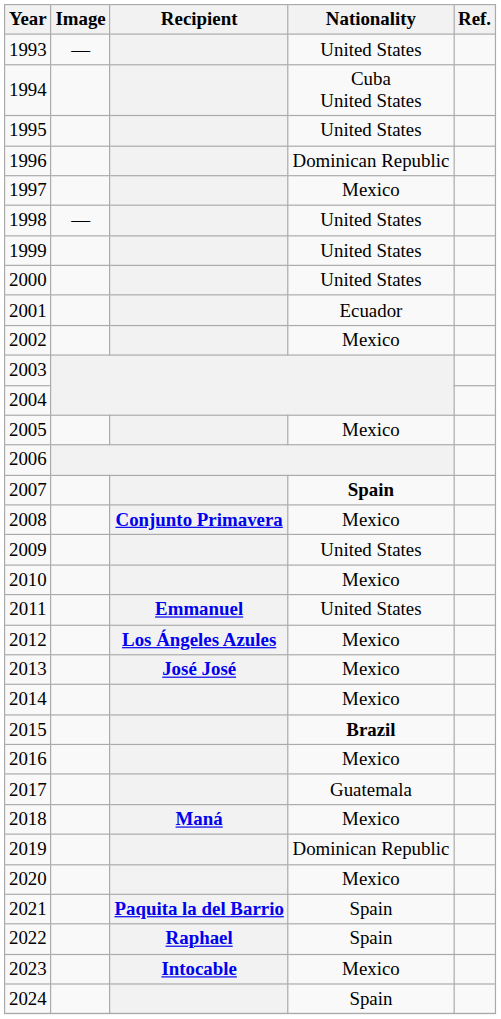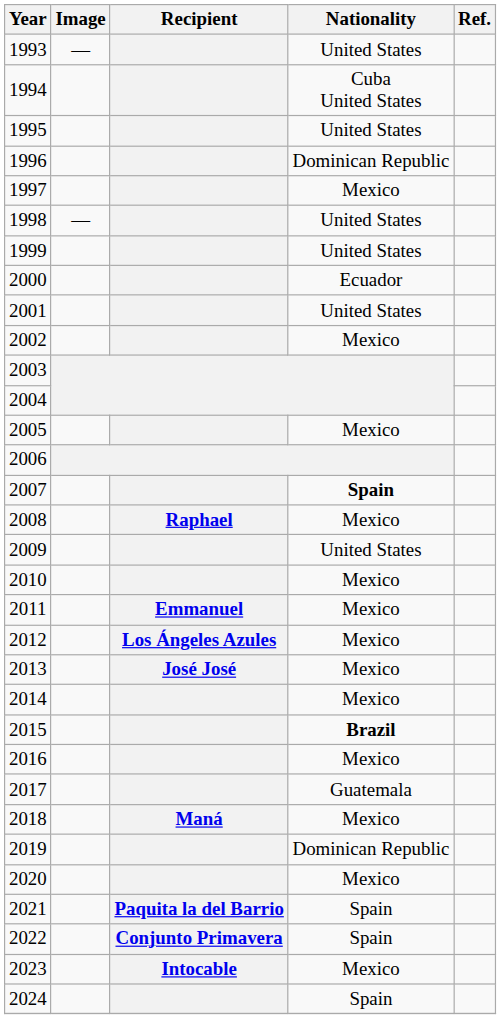 <table class="wikitable sortable plainrowheaders" style="text-align:center;">
 <tr>
 <th scope=col>Year</th>
 <th scope=col class=unsortable>Image</th>
 <th scope=col>Recipient</th>
 <th scope=col>Nationality</th>
 <th scope=col class=unsortable>Ref.</th>
 </tr>
 <tr>
 <td>1993</td>
 <td>—</td>
 <th scope=row style="text-align:center;"></th>
 <td>United States</td>
 <td></td>
 </tr>
 <tr>
 <td>1994</td>
 <td></td>
 <th scope=row style="text-align:center;"></th>
 <td>Cuba<br>United States</td>
 <td></td>
 </tr>
 <tr>
 <td>1995</td>
 <td></td>
 <th scope=row style="text-align:center;"></th>
 <td>United States</td>
 <td></td>
 </tr>
 <tr>
 <td>1996</td>
 <td></td>
 <th scope=row style="text-align:center;"></th>
 <td>Dominican Republic</td>
 <td></td>
 </tr>
 <tr>
 <td>1997</td>
 <td></td>
 <th scope=row style="text-align:center;"></th>
 <td>Mexico</td>
 <td></td>
 </tr>
 <tr>
 <td>1998</td>
 <td>—</td>
 <th scope=row style="text-align:center;"></th>
 <td>United States</td>
 <td></td>
 </tr>
 <tr>
 <td>1999</td>
 <td></td>
 <th scope=row style="text-align:center;"></th>
 <td>United States</td>
 <td></td>
 </tr>
 <tr>
 <td>2000</td>
 <td></td>
 <th scope=row style="text-align:center;"></th>
-<td>United States</td>
+<td>Ecuador</td>
 <td></td>
 </tr>
 <tr>
 <td>2001</td>
 <td></td>
 <th scope=row style="text-align:center;"></th>
-<td>Ecuador</td>
+<td>United States</td>
 <td></td>
 </tr>
 <tr>
 <td>2002</td>
 <td></td>
 <th scope=row style="text-align:center;"></th>
 <td>Mexico</td>
 <td></td>
 </tr>
 <tr>
 <td>2003</td>
 <th scope=row  colspan=3  rowspan=2> </th>
 <td></td>
 </tr>
 <tr>
 <td>2004</td>
 <td></td>
 </tr>
 <tr>
 <td>2005</td>
 <td></td>
 <th scope=row style="text-align:center;"></th>
 <td>Mexico</td>
 <td></td>
 </tr>
 <tr>
 <td>2006</td>
 <th scope=row colspan=3> </th>
 <td></td>
 </tr>
 <tr>
 <td>2007</td>
 <td></td>
 <th scope=row style="text-align:center;"></th>
 <td><strong>Spain</strong></td>
 <td></td>
 </tr>
 <tr>
 <td>2008</td>
 <td></td>
-<th scope=row style="text-align:center;"><a href='#'>Conjunto Primavera</a></th>
+<th scope=row style="text-align:center;"><a href='#'>Raphael</a></th>
 <td>Mexico</td>
 <td></td>
 </tr>
 <tr>
 <td>2009</td>
 <td></td>
 <th scope=row style="text-align:center;"></th>
 <td>United States</td>
 <td></td>
 </tr>
 <tr>
 <td>2010</td>
 <td></td>
 <th scope=row style="text-align:center;"></th>
 <td>Mexico</td>
 <td></td>
 </tr>
 <tr>
 <td>2011</td>
 <td></td>
 <th scope=row style="text-align:center;"><a href='#'>Emmanuel</a></th>
-<td>United States</td>
+<td>Mexico</td>
 <td></td>
 </tr>
 <tr>
 <td>2012</td>
 <td></td>
 <th scope=row style="text-align:center;"><a href='#'>Los Ángeles Azules</a></th>
 <td>Mexico</td>
 <td></td>
 </tr>
 <tr>
 <td>2013</td>
 <td></td>
 <th scope=row style="text-align:center;"><a href='#'>José José</a></th>
 <td>Mexico</td>
 <td></td>
 </tr>
 <tr>
 <td>2014</td>
 <td></td>
 <th scope=row style="text-align:center;"></th>
 <td>Mexico</td>
 <td></td>
 </tr>
 <tr>
 <td>2015</td>
 <td></td>
 <th scope=row style="text-align:center;"></th>
 <td><strong>Brazil</strong></td>
 <td></td>
 </tr>
 <tr>
 <td>2016</td>
 <td></td>
 <th scope=row style="text-align:center;"></th>
 <td>Mexico</td>
 <td></td>
 </tr>
 <tr>
 <td>2017</td>
 <td></td>
 <th scope=row style="text-align:center;"></th>
 <td>Guatemala</td>
 <td></td>
 </tr>
 <tr>
 <td>2018</td>
 <td></td>
 <th scope=row style="text-align:center;"><a href='#'>Maná</a></th>
 <td>Mexico</td>
 <td></td>
 </tr>
 <tr>
 <td>2019</td>
 <td></td>
 <th scope=row style="text-align:center;"></th>
 <td>Dominican Republic</td>
 <td></td>
 </tr>
 <tr>
 <td>2020</td>
 <td></td>
 <th scope=row style="text-align:center;"></th>
 <td>Mexico</td>
 <td></td>
 </tr>
 <tr>
 <td>2021</td>
 <td></td>
 <th scope=row style="text-align:center;"><a href='#'>Paquita la del Barrio</a></th>
 <td>Spain</td>
 <td></td>
 </tr>
 <tr>
 <td>2022</td>
 <td></td>
-<th scope=row style="text-align:center;"><a href='#'>Raphael</a></th>
+<th scope=row style="text-align:center;"><a href='#'>Conjunto Primavera</a></th>
 <td>Spain</td>
 <td></td>
 </tr>
 <tr>
 <td>2023</td>
 <td></td>
 <th scope=row style="text-align:center;"><a href='#'>Intocable</a></th>
 <td>Mexico</td>
 <td></td>
 </tr>
 <tr>
 <td>2024</td>
 <td></td>
 <th scope=row style="text-align:center;"></th>
 <td>Spain</td>
 <td></td>
 </tr>
 <tr>
 </tr>
 </table>
